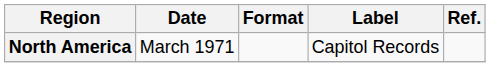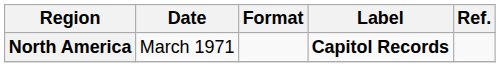 <table class="wikitable plainrowheaders">
 <tr>
 <th scope="col">Region</th>
 <th scope="col">Date</th>
 <th scope="col">Format</th>
 <th scope="col">Label</th>
 <th scope="col">Ref.</th>
 </tr>
 <tr>
 <th scope="row">North America</th>
 <td>March 1971</td>
 <td></td>
-<td>Capitol Records</td>
+<td><strong>Capitol Records</strong></td>
 <td></td>
 </tr>
 <tr>
 </tr>
 </table>
